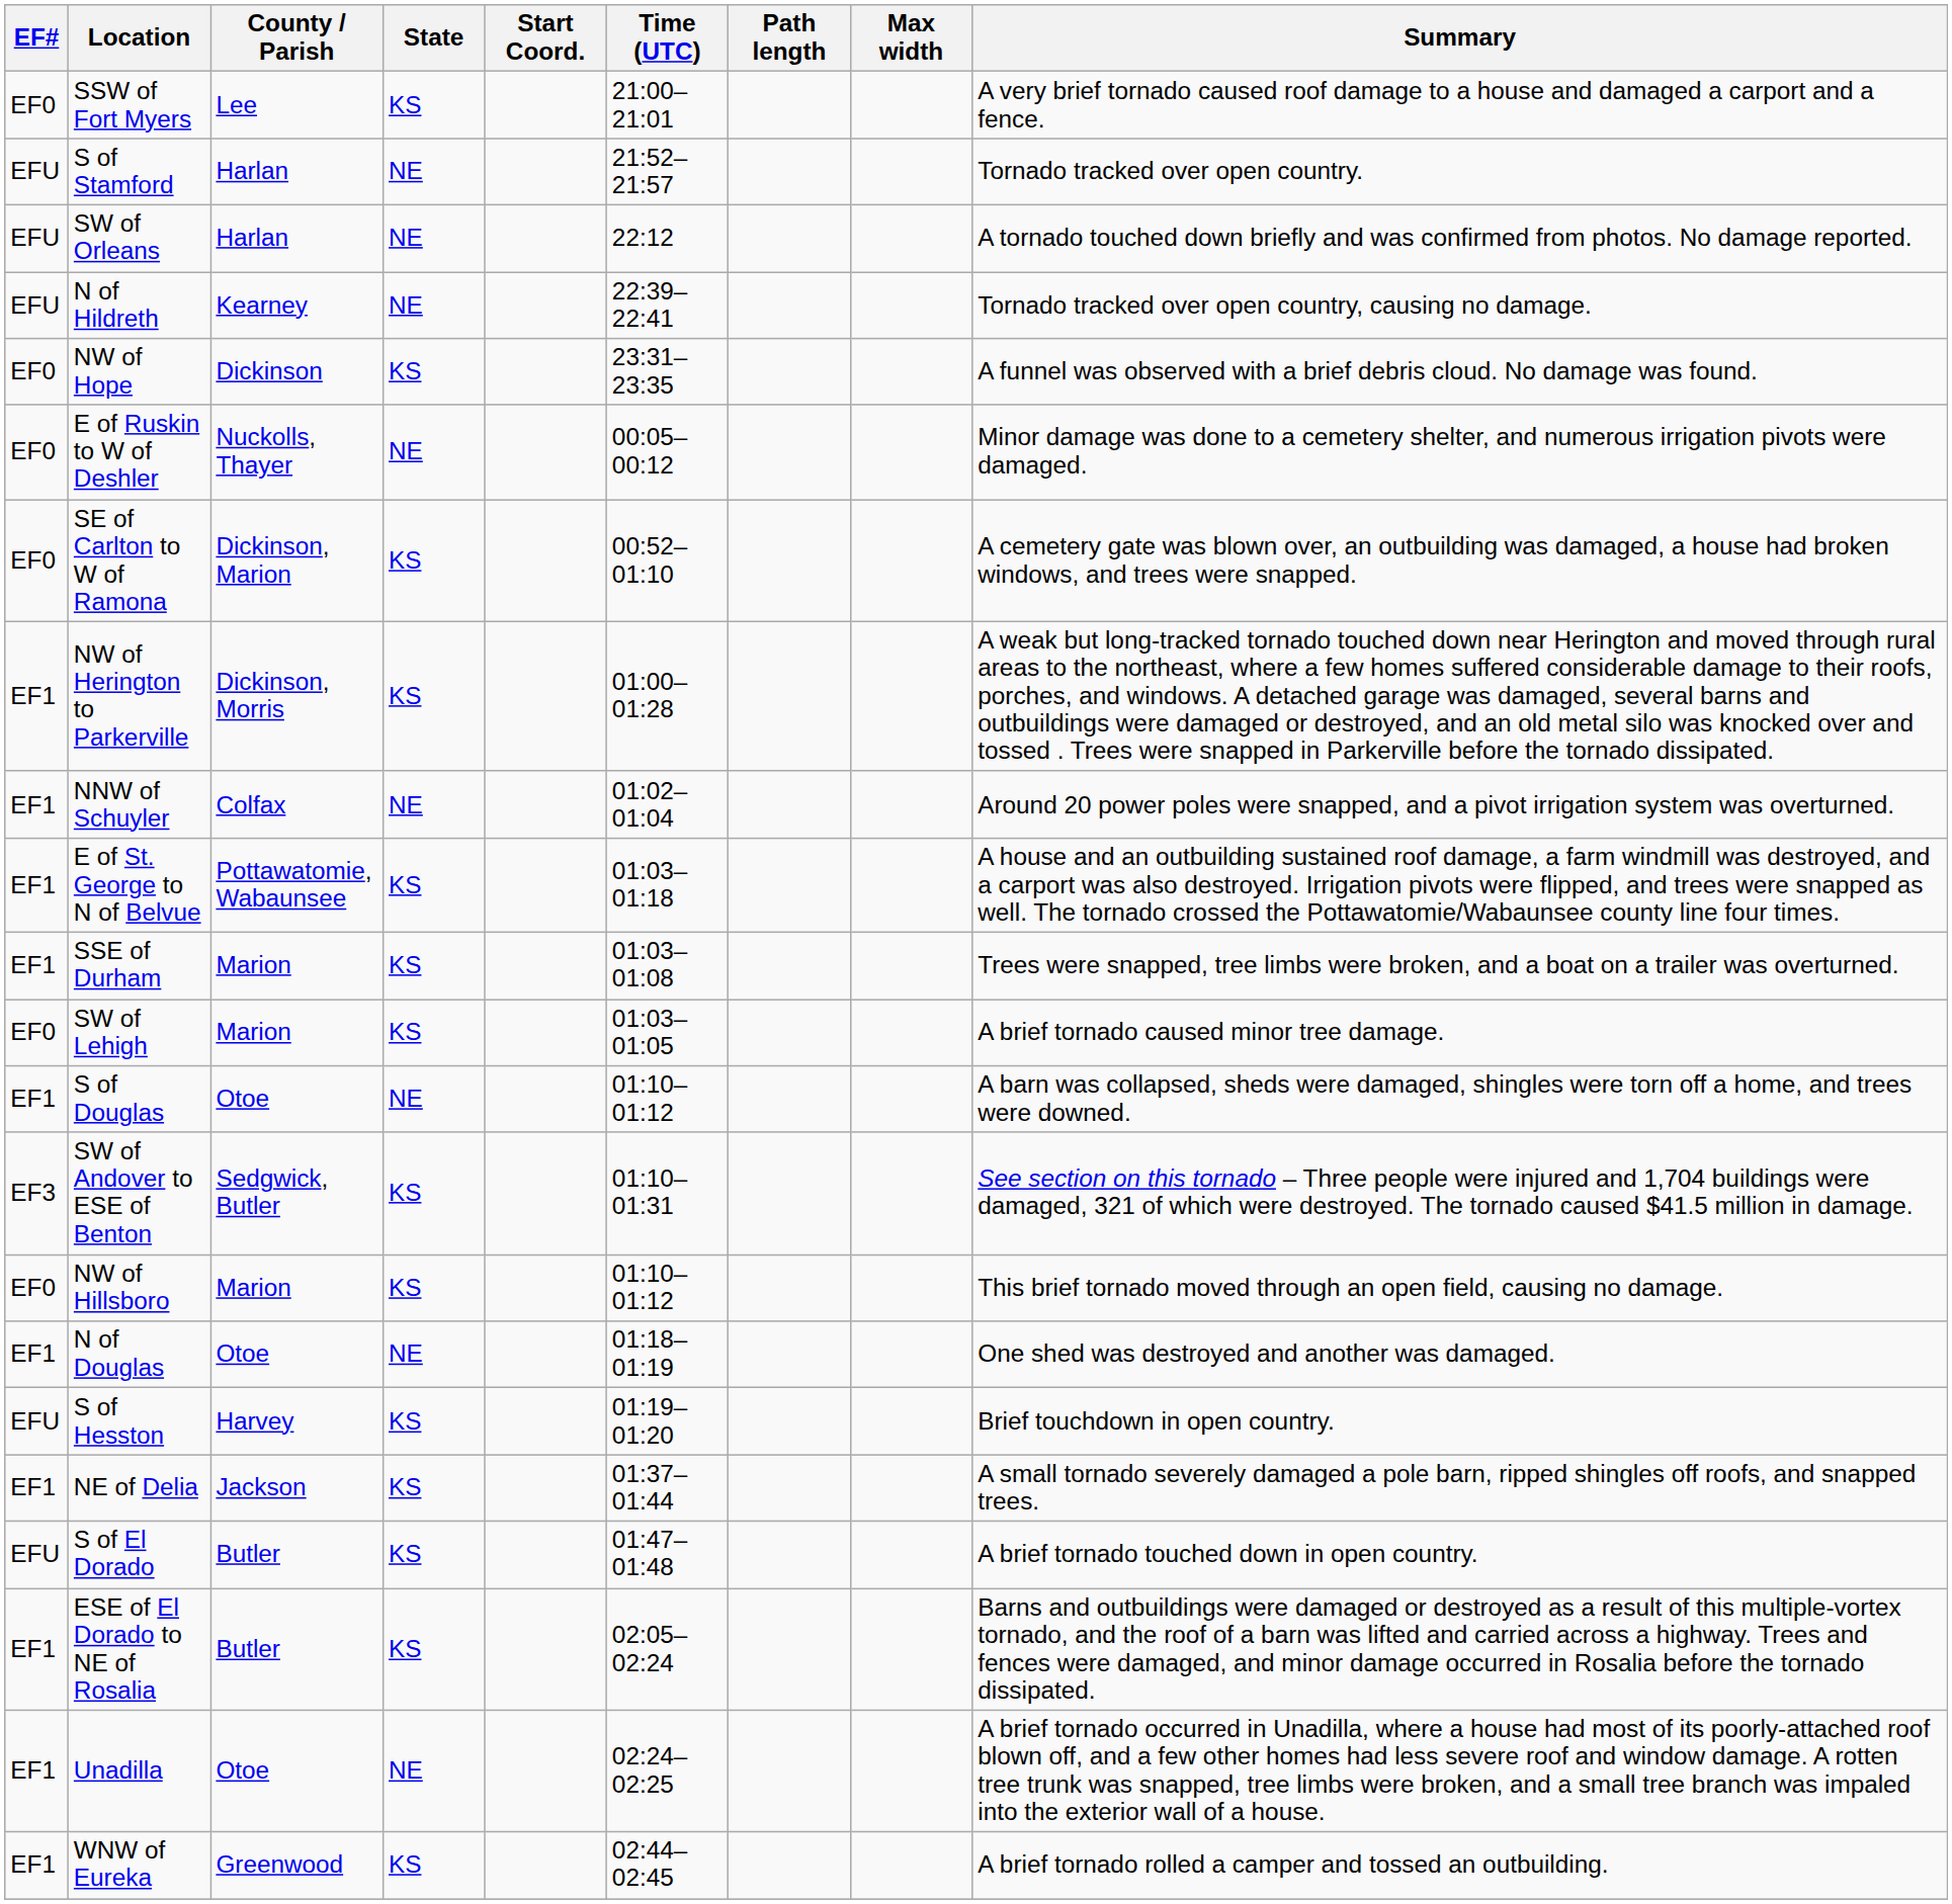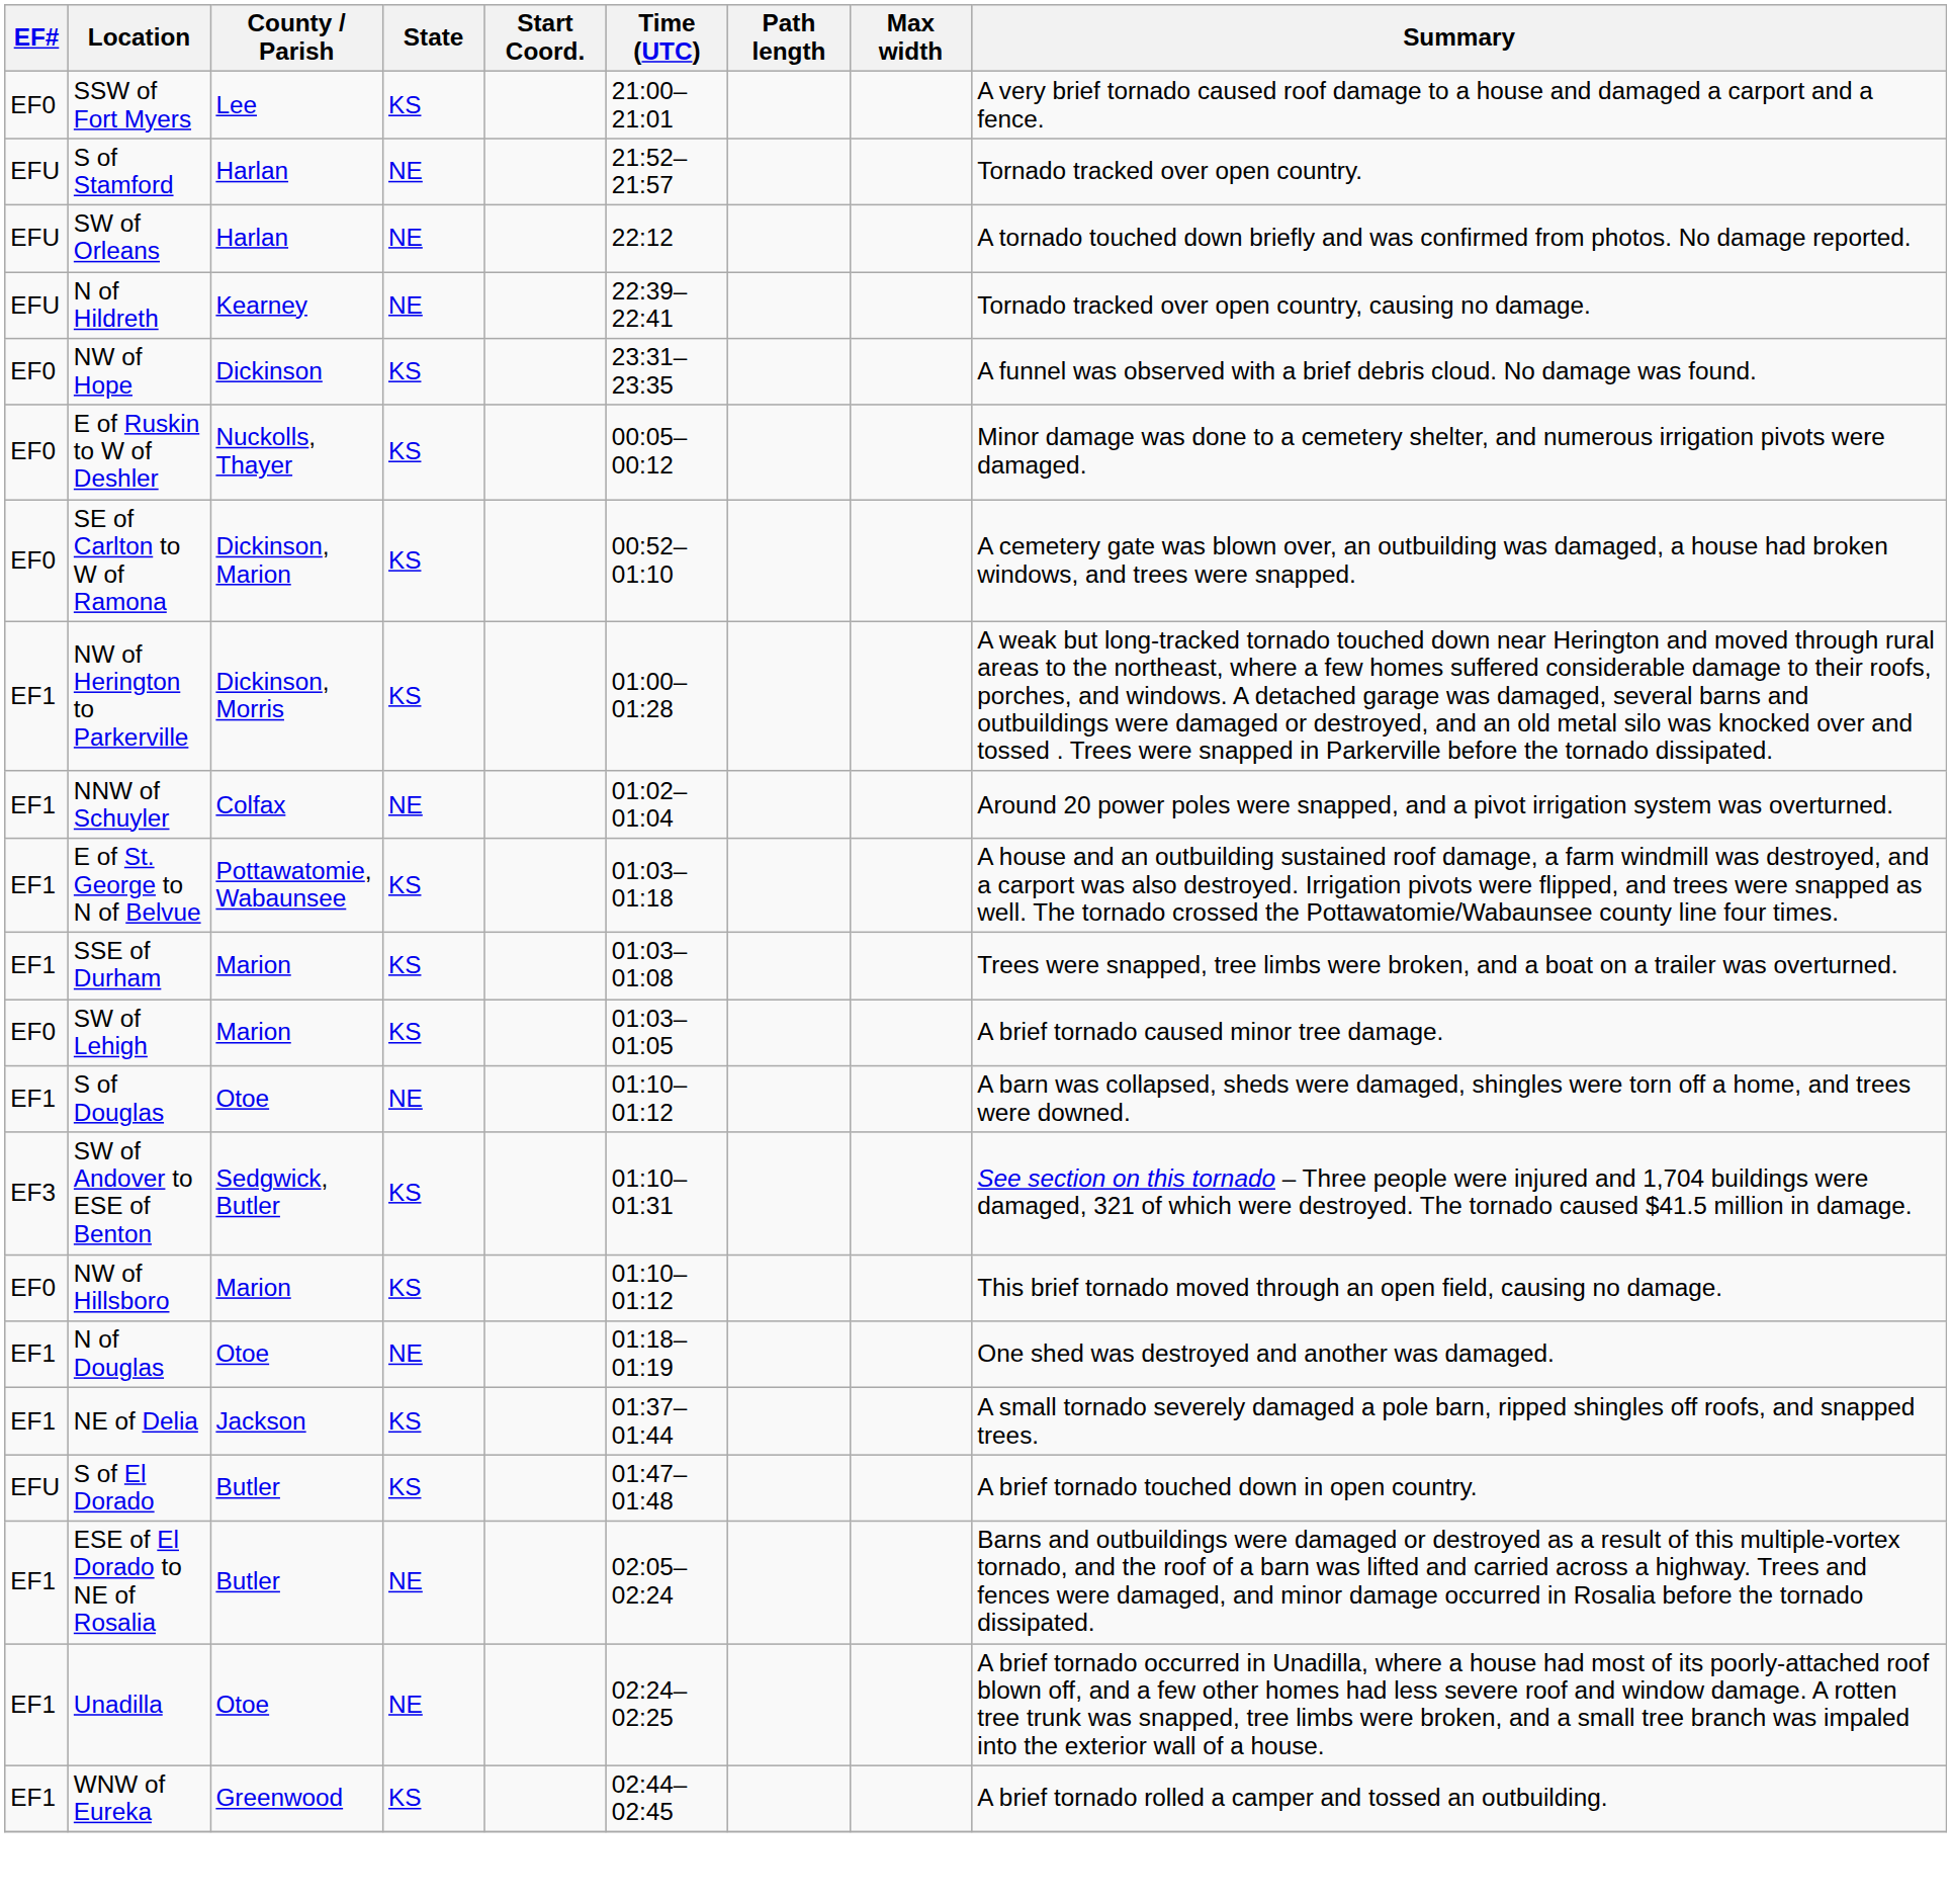 <table class="wikitable sortable" style="width:100%;">
 <tr>
 <th scope="col"  style="width:3%; text-align:center;"><a href='#'>EF#</a></th>
 <th scope="col"  style="width:7%; text-align:center;" class="unsortable">Location</th>
 <th scope="col"  style="width:6%; text-align:center;" class="unsortable">County / Parish</th>
 <th scope="col"  style="width:5%; text-align:center;">State</th>
 <th scope="col"  style="width:6%; text-align:center;">Start Coord.</th>
 <th scope="col"  style="width:6%; text-align:center;">Time (<a href='#'>UTC</a>)</th>
 <th scope="col"  style="width:6%; text-align:center;">Path length</th>
 <th scope="col"  style="width:6%; text-align:center;">Max width</th>
 <th scope="col" class="unsortable" style="width:48%; text-align:center;">Summary</th>
 </tr>
 <tr>
 <td>EF0</td>
 <td>SSW of <a href='#'>Fort Myers</a></td>
 <td><a href='#'>Lee</a></td>
 <td><a href='#'>KS</a></td>
 <td></td>
 <td>21:00–21:01</td>
 <td></td>
 <td></td>
 <td>A very brief tornado caused roof damage to a house and damaged a carport and a fence.</td>
 </tr>
 <tr>
 <td>EFU</td>
 <td>S of <a href='#'>Stamford</a></td>
 <td><a href='#'>Harlan</a></td>
 <td><a href='#'>NE</a></td>
 <td></td>
 <td>21:52–21:57</td>
 <td></td>
 <td></td>
 <td>Tornado tracked over open country.</td>
 </tr>
 <tr>
 <td>EFU</td>
 <td>SW of <a href='#'>Orleans</a></td>
 <td><a href='#'>Harlan</a></td>
 <td><a href='#'>NE</a></td>
 <td></td>
 <td>22:12</td>
 <td></td>
 <td></td>
 <td>A tornado touched down briefly and was confirmed from photos. No damage reported.</td>
 </tr>
 <tr>
 <td>EFU</td>
 <td>N of <a href='#'>Hildreth</a></td>
 <td><a href='#'>Kearney</a></td>
 <td><a href='#'>NE</a></td>
 <td></td>
 <td>22:39–22:41</td>
 <td></td>
 <td></td>
 <td>Tornado tracked over open country, causing no damage.</td>
 </tr>
 <tr>
 <td>EF0</td>
 <td>NW of <a href='#'>Hope</a></td>
 <td><a href='#'>Dickinson</a></td>
 <td><a href='#'>KS</a></td>
 <td></td>
 <td>23:31–23:35</td>
 <td></td>
 <td></td>
 <td>A funnel was observed with a brief debris cloud. No damage was found.</td>
 </tr>
 <tr>
 <td>EF0</td>
 <td>E of <a href='#'>Ruskin</a> to W of <a href='#'>Deshler</a></td>
 <td><a href='#'>Nuckolls</a>, <a href='#'>Thayer</a></td>
-<td><a href='#'>NE</a></td>
+<td><a href='#'>KS</a></td>
 <td></td>
 <td>00:05–00:12</td>
 <td></td>
 <td></td>
 <td>Minor damage was done to a cemetery shelter, and numerous irrigation pivots were damaged.</td>
 </tr>
 <tr>
 <td>EF0</td>
 <td>SE of <a href='#'>Carlton</a> to W of <a href='#'>Ramona</a></td>
 <td><a href='#'>Dickinson</a>, <a href='#'>Marion</a></td>
 <td><a href='#'>KS</a></td>
 <td></td>
 <td>00:52–01:10</td>
 <td></td>
 <td></td>
 <td>A cemetery gate was blown over, an outbuilding was damaged, a house had broken windows, and trees were snapped.</td>
 </tr>
 <tr>
 <td>EF1</td>
 <td>NW of <a href='#'>Herington</a> to <a href='#'>Parkerville</a></td>
 <td><a href='#'>Dickinson</a>, <a href='#'>Morris</a></td>
 <td><a href='#'>KS</a></td>
 <td></td>
 <td>01:00–01:28</td>
 <td></td>
 <td></td>
 <td>A weak but long-tracked tornado touched down near Herington and moved through rural areas to the northeast, where a few homes suffered considerable damage to their roofs, porches, and windows. A detached garage was damaged, several barns and outbuildings were damaged or destroyed, and an old metal silo was knocked over and tossed . Trees were snapped in Parkerville before the tornado dissipated.</td>
 </tr>
 <tr>
 <td>EF1</td>
 <td>NNW of <a href='#'>Schuyler</a></td>
 <td><a href='#'>Colfax</a></td>
 <td><a href='#'>NE</a></td>
 <td></td>
 <td>01:02–01:04</td>
 <td></td>
 <td></td>
 <td>Around 20 power poles were snapped, and a pivot irrigation system was overturned.</td>
 </tr>
 <tr>
 <td>EF1</td>
 <td>E of <a href='#'>St. George</a> to N of <a href='#'>Belvue</a></td>
 <td><a href='#'>Pottawatomie</a>, <a href='#'>Wabaunsee</a></td>
 <td><a href='#'>KS</a></td>
 <td></td>
 <td>01:03–01:18</td>
 <td></td>
 <td></td>
 <td>A house and an outbuilding sustained roof damage, a farm windmill was destroyed, and a carport was also destroyed. Irrigation pivots were flipped, and trees were snapped as well. The tornado crossed the Pottawatomie/Wabaunsee county line four times.</td>
 </tr>
 <tr>
 <td>EF1</td>
 <td>SSE of <a href='#'>Durham</a></td>
 <td><a href='#'>Marion</a></td>
 <td><a href='#'>KS</a></td>
 <td></td>
 <td>01:03–01:08</td>
 <td></td>
 <td></td>
 <td>Trees were snapped, tree limbs were broken, and a boat on a trailer was overturned.</td>
 </tr>
 <tr>
 <td>EF0</td>
 <td>SW of <a href='#'>Lehigh</a></td>
 <td><a href='#'>Marion</a></td>
 <td><a href='#'>KS</a></td>
 <td></td>
 <td>01:03–01:05</td>
 <td></td>
 <td></td>
 <td>A brief tornado caused minor tree damage.</td>
 </tr>
 <tr>
 <td>EF1</td>
 <td>S of <a href='#'>Douglas</a></td>
 <td><a href='#'>Otoe</a></td>
 <td><a href='#'>NE</a></td>
 <td></td>
 <td>01:10–01:12</td>
 <td></td>
 <td></td>
 <td>A barn was collapsed, sheds were damaged, shingles were torn off a home, and trees were downed.</td>
 </tr>
 <tr>
 <td>EF3</td>
 <td>SW of <a href='#'>Andover</a> to ESE of <a href='#'>Benton</a></td>
 <td><a href='#'>Sedgwick</a>, <a href='#'>Butler</a></td>
 <td><a href='#'>KS</a></td>
 <td></td>
 <td>01:10–01:31</td>
 <td></td>
 <td></td>
 <td><em><a href='#'>See section on this tornado</a></em> –  Three people were injured and 1,704 buildings were damaged, 321 of which were destroyed. The tornado caused $41.5 million in damage.</td>
 </tr>
 <tr>
 <td>EF0</td>
 <td>NW of <a href='#'>Hillsboro</a></td>
 <td><a href='#'>Marion</a></td>
 <td><a href='#'>KS</a></td>
 <td></td>
 <td>01:10–01:12</td>
 <td></td>
 <td></td>
 <td>This brief tornado moved through an open field, causing no damage.</td>
 </tr>
 <tr>
 <td>EF1</td>
 <td>N of <a href='#'>Douglas</a></td>
 <td><a href='#'>Otoe</a></td>
 <td><a href='#'>NE</a></td>
 <td></td>
 <td>01:18–01:19</td>
 <td></td>
 <td></td>
 <td>One shed was destroyed and another was damaged.</td>
 </tr>
 <tr>
-<td>EFU</td>
-<td>S of <a href='#'>Hesston</a></td>
-<td><a href='#'>Harvey</a></td>
-<td><a href='#'>KS</a></td>
-<td></td>
-<td>01:19–01:20</td>
-<td></td>
-<td></td>
-<td>Brief touchdown in open country.</td>
-</tr>
-<tr>
 <td>EF1</td>
 <td>NE of <a href='#'>Delia</a></td>
 <td><a href='#'>Jackson</a></td>
 <td><a href='#'>KS</a></td>
 <td></td>
 <td>01:37–01:44</td>
 <td></td>
 <td></td>
 <td>A small tornado severely damaged a pole barn, ripped shingles off roofs, and snapped trees.</td>
 </tr>
 <tr>
 <td>EFU</td>
 <td>S of <a href='#'>El Dorado</a></td>
 <td><a href='#'>Butler</a></td>
 <td><a href='#'>KS</a></td>
 <td></td>
 <td>01:47–01:48</td>
 <td></td>
 <td></td>
 <td>A brief tornado touched down in open country.</td>
 </tr>
 <tr>
 <td>EF1</td>
 <td>ESE of <a href='#'>El Dorado</a> to NE of <a href='#'>Rosalia</a></td>
 <td><a href='#'>Butler</a></td>
-<td><a href='#'>KS</a></td>
+<td><a href='#'>NE</a></td>
 <td></td>
 <td>02:05–02:24</td>
 <td></td>
 <td></td>
 <td>Barns and outbuildings were damaged or destroyed as a result of this multiple-vortex tornado, and the roof of a barn was lifted and carried across a highway. Trees and fences were damaged, and minor damage occurred in Rosalia before the tornado dissipated.</td>
 </tr>
 <tr>
 <td>EF1</td>
 <td><a href='#'>Unadilla</a></td>
 <td><a href='#'>Otoe</a></td>
 <td><a href='#'>NE</a></td>
 <td></td>
 <td>02:24–02:25</td>
 <td></td>
 <td></td>
 <td>A brief tornado occurred in Unadilla, where a house had most of its poorly-attached roof blown off, and a few other homes had less severe roof and window damage. A rotten tree trunk was snapped, tree limbs were broken, and a small tree branch was impaled into the exterior wall of a house.</td>
 </tr>
 <tr>
 <td>EF1</td>
 <td>WNW of <a href='#'>Eureka</a></td>
 <td><a href='#'>Greenwood</a></td>
 <td><a href='#'>KS</a></td>
 <td></td>
 <td>02:44–02:45</td>
 <td></td>
 <td></td>
 <td>A brief tornado rolled a camper and tossed an outbuilding.</td>
 </tr>
 <tr>
 </tr>
 </table>
